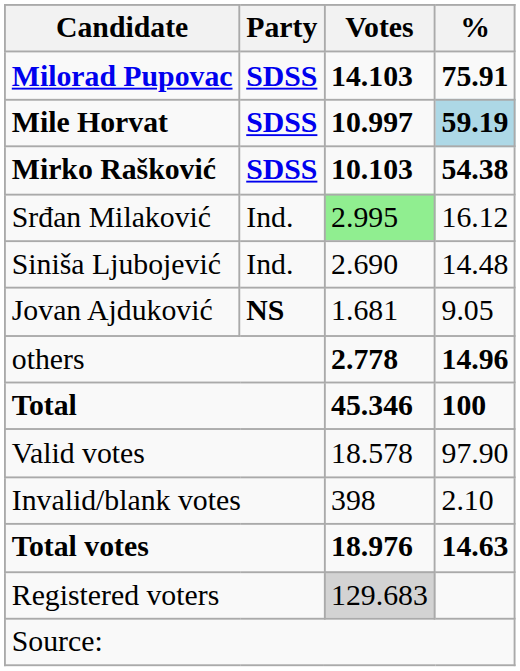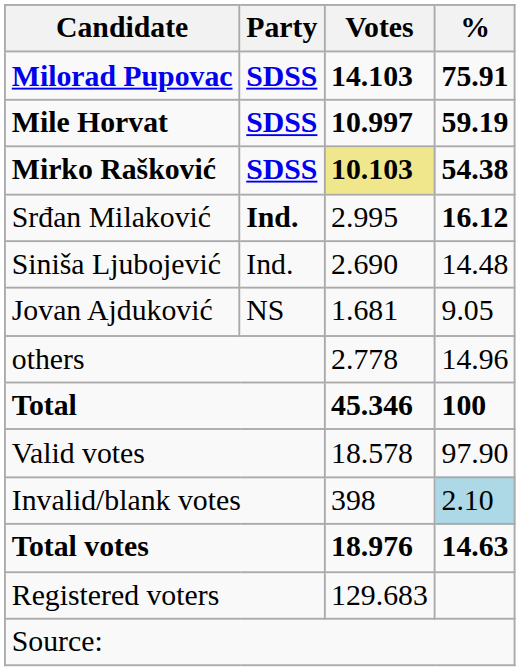 <table class="wikitable" style="text-align: left;">
 <tr>
 <th>Candidate</th>
 <th>Party</th>
 <th>Votes</th>
 <th>%</th>
 </tr>
 <tr>
 <td><strong><a href='#'>Milorad Pupovac</a></strong></td>
 <td><a href='#'><strong>SDSS</strong></a></td>
 <td><strong>14.103</strong></td>
 <td><strong>75.91</strong></td>
 </tr>
 <tr>
 <td><strong>Mile Horvat</strong></td>
 <td><a href='#'><strong>SDSS</strong></a></td>
 <td><strong>10.997</strong></td>
-<td style="background: lightblue;"><strong>59.19</strong></td>
+<td><strong>59.19</strong></td>
 </tr>
 <tr>
 <td><strong>Mirko Rašković</strong></td>
 <td><a href='#'><strong>SDSS</strong></a></td>
-<td><strong>10.103</strong></td>
+<td style="background: khaki;"><strong>10.103</strong></td>
 <td><strong>54.38</strong></td>
 </tr>
 <tr>
 <td>Srđan Milaković</td>
-<td>Ind.</td>
-<td style="background: lightgreen;">2.995</td>
-<td>16.12</td>
+<td><strong>Ind.</strong></td>
+<td>2.995</td>
+<td><strong>16.12</strong></td>
 </tr>
 <tr>
 <td>Siniša Ljubojević</td>
 <td>Ind.</td>
 <td>2.690</td>
 <td>14.48</td>
 </tr>
 <tr>
 <td>Jovan Ajduković</td>
-<td><strong>NS</strong></td>
+<td>NS</td>
 <td>1.681</td>
 <td>9.05</td>
 </tr>
 <tr>
 <td colspan="2">others</td>
-<td><strong>2.778</strong></td>
-<td><strong>14.96</strong></td>
+<td>2.778</td>
+<td>14.96</td>
 </tr>
 <tr>
 <td colspan="2"><strong>Total</strong></td>
 <td><strong>45.346</strong></td>
 <td><strong>100</strong></td>
 </tr>
 <tr>
 <td colspan="2">Valid votes</td>
 <td>18.578</td>
 <td>97.90</td>
 </tr>
 <tr>
 <td colspan="2">Invalid/blank votes</td>
 <td>398</td>
-<td>2.10</td>
+<td style="background: lightblue;">2.10</td>
 </tr>
 <tr>
 <td colspan="2"><strong>Total votes</strong></td>
 <td><strong>18.976</strong></td>
 <td><strong>14.63</strong></td>
 </tr>
 <tr>
 <td colspan="2">Registered voters</td>
-<td style="background: lightgrey;">129.683</td>
+<td>129.683</td>
 <td></td>
 </tr>
 <tr>
 <td colspan="4">Source: </td>
 </tr>
 </table>
